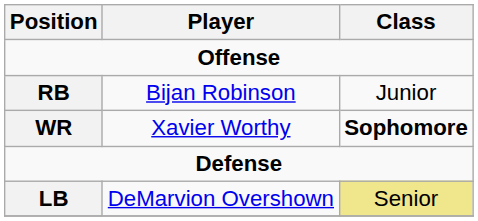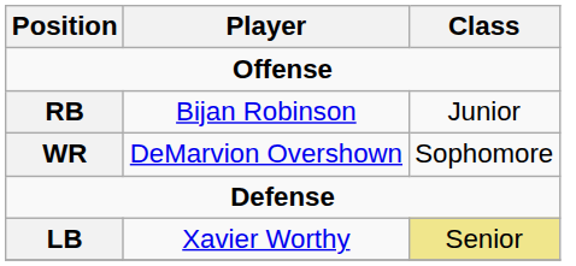 <table class="wikitable">
 <tr>
 <th>Position</th>
 <th>Player</th>
 <th>Class</th>
 </tr>
 <tr>
 <td colspan="4" style="text-align:center; "><strong>Offense</strong></td>
 </tr>
 <tr style="text-align:center;">
 <th rowspan="1">RB</th>
 <td><a href='#'>Bijan Robinson</a></td>
 <td>Junior</td>
 </tr>
 <tr style="text-align:center;">
 <th rowspan="1">WR</th>
-<td><a href='#'>Xavier Worthy</a></td>
-<td><strong>Sophomore</strong></td>
+<td><a href='#'>DeMarvion Overshown</a></td>
+<td>Sophomore</td>
 </tr>
 <tr>
 <td colspan="4" style="text-align:center; "><strong>Defense</strong></td>
 </tr>
 <tr style="text-align:center;">
 <th rowspan="1">LB</th>
-<td><a href='#'>DeMarvion Overshown</a></td>
+<td><a href='#'>Xavier Worthy</a></td>
 <td style="background: khaki;">Senior</td>
 </tr>
 <tr>
 </tr>
 </table>
